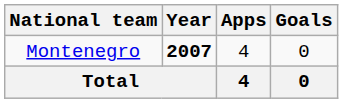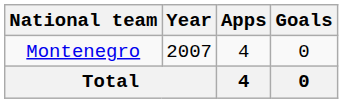 <table class="wikitable" style="text-align:center">
 <tr>
 <th>National team</th>
 <th>Year</th>
 <th>Apps</th>
 <th>Goals</th>
 </tr>
 <tr>
 <td><a href='#'>Montenegro</a></td>
-<td><strong>2007</strong></td>
+<td>2007</td>
 <td>4</td>
 <td>0</td>
 </tr>
 <tr>
 <th colspan="2">Total</th>
 <th>4</th>
 <th>0</th>
 </tr>
 </table>
